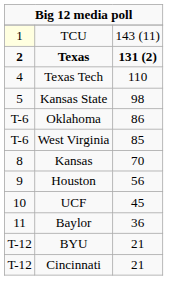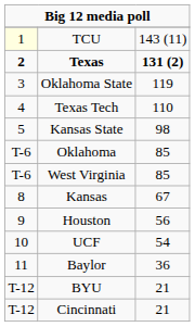 <table class="wikitable" style="display: inline-table;">
 <tr>
 <td align="center" Colspan="3"><strong>Big 12 media poll</strong></td>
 </tr>
 <tr align="center">
 </tr>
 <tr align="center">
 <td style="background: lightyellow;">1</td>
 <td>TCU</td>
 <td>143 (11)</td>
 </tr>
 <tr align="center">
 <td><strong>2</strong></td>
 <td><strong>Texas</strong></td>
 <td><strong>131 (2)</strong></td>
 </tr>
 <tr align="center">
+<td>3</td>
+<td>Oklahoma State</td>
+<td>119</td>
+</tr>
+<tr align="center">
 <td>4</td>
 <td>Texas Tech</td>
 <td>110</td>
 </tr>
 <tr align="center">
 <td>5</td>
 <td>Kansas State</td>
 <td>98</td>
 </tr>
 <tr align="center">
 <td>T-6</td>
 <td>Oklahoma</td>
-<td>86</td>
+<td>85</td>
 </tr>
 <tr align="center">
 <td>T-6</td>
 <td>West Virginia</td>
 <td>85</td>
 </tr>
 <tr align="center">
 <td>8</td>
 <td>Kansas</td>
-<td>70</td>
+<td>67</td>
 </tr>
 <tr align="center">
 <td>9</td>
 <td>Houston</td>
 <td>56</td>
 </tr>
 <tr align="center">
 <td>10</td>
 <td>UCF</td>
-<td>45</td>
+<td>54</td>
 </tr>
 <tr align="center">
 <td>11</td>
 <td>Baylor</td>
 <td>36</td>
 </tr>
 <tr align="center">
 <td>T-12</td>
 <td>BYU</td>
 <td>21</td>
 </tr>
 <tr align="center">
 <td>T-12</td>
 <td>Cincinnati</td>
 <td>21</td>
 </tr>
 </table>
